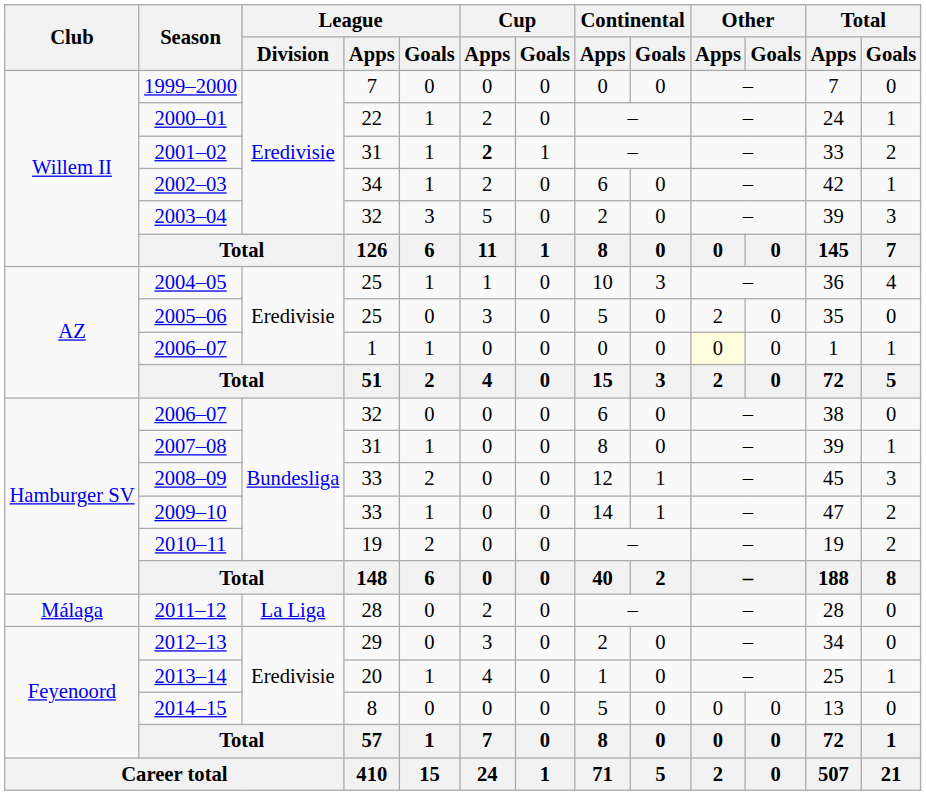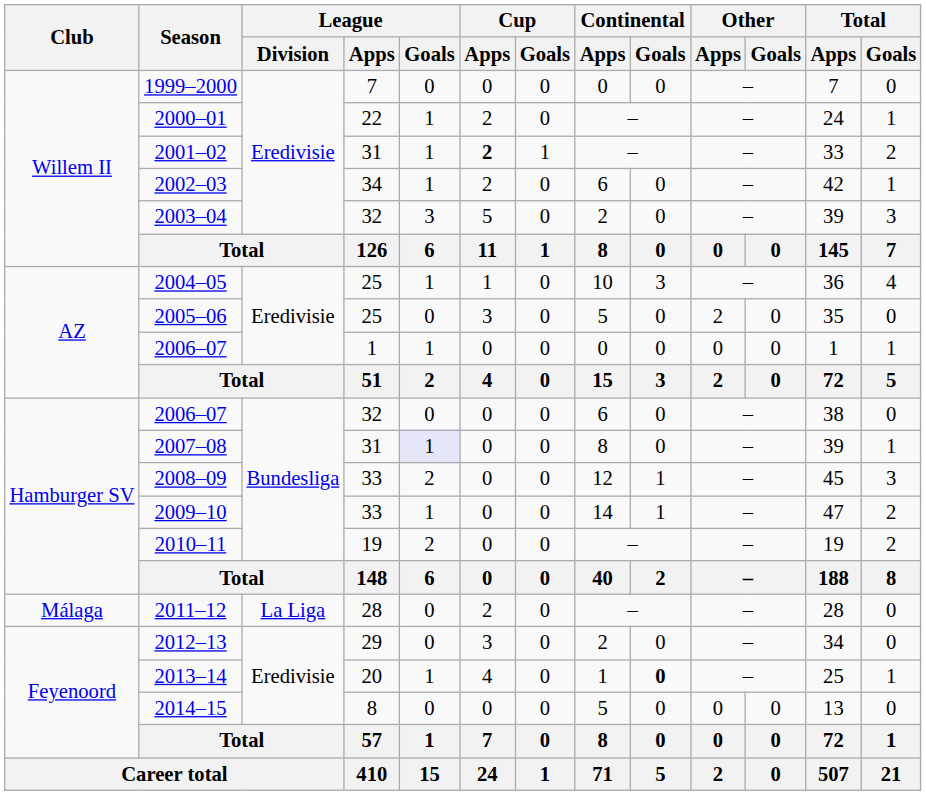 <table class="wikitable" style="text-align:center">
 <tr>
 <th rowspan="2">Club</th>
 <th rowspan="2">Season</th>
 <th colspan="3">League</th>
 <th colspan="2">Cup</th>
 <th colspan="2">Continental</th>
 <th colspan="2">Other</th>
 <th colspan="2">Total</th>
 </tr>
 <tr>
 <th>Division</th>
 <th>Apps</th>
 <th>Goals</th>
 <th>Apps</th>
 <th>Goals</th>
 <th>Apps</th>
 <th>Goals</th>
 <th>Apps</th>
 <th>Goals</th>
 <th>Apps</th>
 <th>Goals</th>
 </tr>
 <tr>
 <td rowspan="6"><a href='#'>Willem II</a></td>
 <td><a href='#'>1999–2000</a></td>
 <td rowspan="5"><a href='#'>Eredivisie</a></td>
 <td>7</td>
 <td>0</td>
 <td>0</td>
 <td>0</td>
 <td>0</td>
 <td>0</td>
 <td colspan="2">–</td>
 <td>7</td>
 <td>0</td>
 </tr>
 <tr>
 <td><a href='#'>2000–01</a></td>
 <td>22</td>
 <td>1</td>
 <td>2</td>
 <td>0</td>
 <td colspan="2">–</td>
 <td colspan="2">–</td>
 <td>24</td>
 <td>1</td>
 </tr>
 <tr>
 <td><a href='#'>2001–02</a></td>
 <td>31</td>
 <td>1</td>
 <td><strong>2</strong></td>
 <td>1</td>
 <td colspan="2">–</td>
 <td colspan="2">–</td>
 <td>33</td>
 <td>2</td>
 </tr>
 <tr>
 <td><a href='#'>2002–03</a></td>
 <td>34</td>
 <td>1</td>
 <td>2</td>
 <td>0</td>
 <td>6</td>
 <td>0</td>
 <td colspan="2">–</td>
 <td>42</td>
 <td>1</td>
 </tr>
 <tr>
 <td><a href='#'>2003–04</a></td>
 <td>32</td>
 <td>3</td>
 <td>5</td>
 <td>0</td>
 <td>2</td>
 <td>0</td>
 <td colspan="2">–</td>
 <td>39</td>
 <td>3</td>
 </tr>
 <tr>
 <th colspan="2">Total</th>
 <th>126</th>
 <th>6</th>
 <th>11</th>
 <th>1</th>
 <th>8</th>
 <th>0</th>
 <th>0</th>
 <th>0</th>
 <th>145</th>
 <th>7</th>
 </tr>
 <tr>
 <td rowspan="4"><a href='#'>AZ</a></td>
 <td><a href='#'>2004–05</a></td>
 <td rowspan="3">Eredivisie</td>
 <td>25</td>
 <td>1</td>
 <td>1</td>
 <td>0</td>
 <td>10</td>
 <td>3</td>
 <td colspan="2">–</td>
 <td>36</td>
 <td>4</td>
 </tr>
 <tr>
 <td><a href='#'>2005–06</a></td>
 <td>25</td>
 <td>0</td>
 <td>3</td>
 <td>0</td>
 <td>5</td>
 <td>0</td>
 <td>2</td>
 <td>0</td>
 <td>35</td>
 <td>0</td>
 </tr>
 <tr>
 <td><a href='#'>2006–07</a></td>
 <td>1</td>
 <td>1</td>
 <td>0</td>
 <td>0</td>
 <td>0</td>
 <td>0</td>
-<td style="background: lightyellow;">0</td>
+<td>0</td>
 <td>0</td>
 <td>1</td>
 <td>1</td>
 </tr>
 <tr>
 <th colspan="2">Total</th>
 <th>51</th>
 <th>2</th>
 <th>4</th>
 <th>0</th>
 <th>15</th>
 <th>3</th>
 <th>2</th>
 <th>0</th>
 <th>72</th>
 <th>5</th>
 </tr>
 <tr>
 <td rowspan="6"><a href='#'>Hamburger SV</a></td>
 <td><a href='#'>2006–07</a></td>
 <td rowspan="5"><a href='#'>Bundesliga</a></td>
 <td>32</td>
 <td>0</td>
 <td>0</td>
 <td>0</td>
 <td>6</td>
 <td>0</td>
 <td colspan="2">–</td>
 <td>38</td>
 <td>0</td>
 </tr>
 <tr>
 <td><a href='#'>2007–08</a></td>
 <td>31</td>
-<td>1</td>
+<td style="background: lavender;">1</td>
 <td>0</td>
 <td>0</td>
 <td>8</td>
 <td>0</td>
 <td colspan="2">–</td>
 <td>39</td>
 <td>1</td>
 </tr>
 <tr>
 <td><a href='#'>2008–09</a></td>
 <td>33</td>
 <td>2</td>
 <td>0</td>
 <td>0</td>
 <td>12</td>
 <td>1</td>
 <td colspan="2">–</td>
 <td>45</td>
 <td>3</td>
 </tr>
 <tr>
 <td><a href='#'>2009–10</a></td>
 <td>33</td>
 <td>1</td>
 <td>0</td>
 <td>0</td>
 <td>14</td>
 <td>1</td>
 <td colspan="2">–</td>
 <td>47</td>
 <td>2</td>
 </tr>
 <tr>
 <td><a href='#'>2010–11</a></td>
 <td>19</td>
 <td>2</td>
 <td>0</td>
 <td>0</td>
 <td colspan="2">–</td>
 <td colspan="2">–</td>
 <td>19</td>
 <td>2</td>
 </tr>
 <tr>
 <th colspan="2">Total</th>
 <th>148</th>
 <th>6</th>
 <th>0</th>
 <th>0</th>
 <th>40</th>
 <th>2</th>
 <th colspan=2>–</th>
 <th>188</th>
 <th>8</th>
 </tr>
 <tr>
 <td><a href='#'>Málaga</a></td>
 <td><a href='#'>2011–12</a></td>
 <td><a href='#'>La Liga</a></td>
 <td>28</td>
 <td>0</td>
 <td>2</td>
 <td>0</td>
 <td colspan="2">–</td>
 <td colspan="2">–</td>
 <td>28</td>
 <td>0</td>
 </tr>
 <tr>
 <td rowspan="4"><a href='#'>Feyenoord</a></td>
 <td><a href='#'>2012–13</a></td>
 <td rowspan="3">Eredivisie</td>
 <td>29</td>
 <td>0</td>
 <td>3</td>
 <td>0</td>
 <td>2</td>
 <td>0</td>
 <td colspan="2">–</td>
 <td>34</td>
 <td>0</td>
 </tr>
 <tr>
 <td><a href='#'>2013–14</a></td>
 <td>20</td>
 <td>1</td>
 <td>4</td>
 <td>0</td>
 <td>1</td>
-<td>0</td>
+<td><strong>0</strong></td>
 <td colspan="2">–</td>
 <td>25</td>
 <td>1</td>
 </tr>
 <tr>
 <td><a href='#'>2014–15</a></td>
 <td>8</td>
 <td>0</td>
 <td>0</td>
 <td>0</td>
 <td>5</td>
 <td>0</td>
 <td>0</td>
 <td>0</td>
 <td>13</td>
 <td>0</td>
 </tr>
 <tr>
 <th colspan="2">Total</th>
 <th>57</th>
 <th>1</th>
 <th>7</th>
 <th>0</th>
 <th>8</th>
 <th>0</th>
 <th>0</th>
 <th>0</th>
 <th>72</th>
 <th>1</th>
 </tr>
 <tr>
 <th colspan="3">Career total</th>
 <th>410</th>
 <th>15</th>
 <th>24</th>
 <th>1</th>
 <th>71</th>
 <th>5</th>
 <th>2</th>
 <th>0</th>
 <th>507</th>
 <th>21</th>
 </tr>
 </table>
